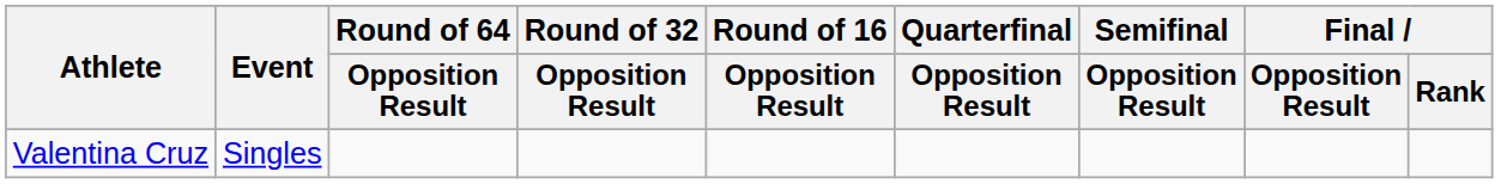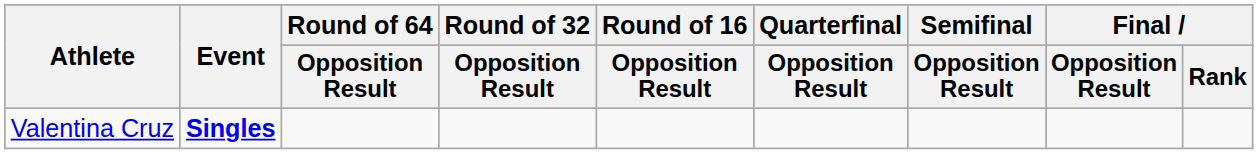 <table class=wikitable style=font-size:90%;text-align:center>
 <tr>
 <th rowspan=2>Athlete</th>
 <th rowspan=2>Event</th>
 <th>Round of 64</th>
 <th>Round of 32</th>
 <th>Round of 16</th>
 <th>Quarterfinal</th>
 <th>Semifinal</th>
 <th colspan=2>Final / </th>
 </tr>
 <tr style=font-size:95%>
 <th>Opposition<br>Result</th>
 <th>Opposition<br>Result</th>
 <th>Opposition<br>Result</th>
 <th>Opposition<br>Result</th>
 <th>Opposition<br>Result</th>
 <th>Opposition<br>Result</th>
 <th>Rank</th>
 </tr>
 <tr>
 <td align=left><a href='#'>Valentina Cruz</a></td>
-<td align=left><a href='#'>Singles</a></td>
+<td align=left><strong><a href='#'>Singles</a></strong></td>
 <td></td>
 <td></td>
 <td></td>
 <td></td>
 <td></td>
 <td></td>
 <td></td>
 </tr>
 </table>
